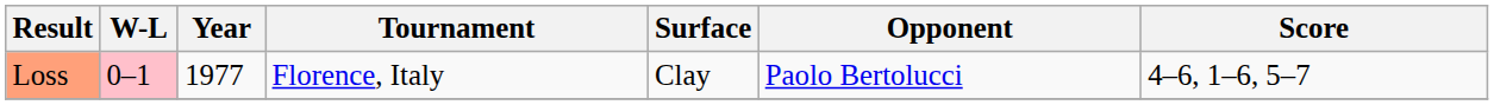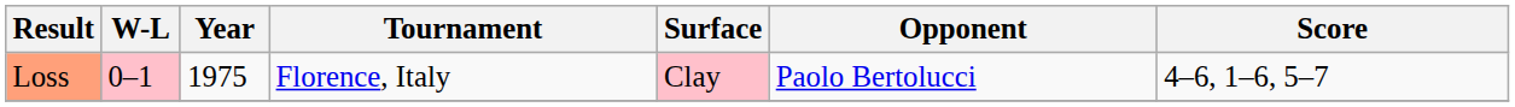 <table class="sortable wikitable">
 <tr>
 <th style="width:40px">Result</th>
 <th style="width:35px" class="unsortable">W-L</th>
 <th style="width:40px">Year</th>
 <th style="width:200px">Tournament</th>
 <th style="width:50px">Surface</th>
 <th style="width:200px">Opponent</th>
 <th style="width:180px" class="unsortable">Score</th>
 </tr>
 <tr>
 <td style="background:#ffa07a;">Loss</td>
 <td style="background: pink;">0–1</td>
-<td>1977</td>
+<td>1975</td>
 <td><a href='#'>Florence</a>, Italy</td>
-<td>Clay</td>
+<td style="background: pink;">Clay</td>
 <td> <a href='#'>Paolo Bertolucci</a></td>
 <td>4–6, 1–6, 5–7</td>
 </tr>
 <tr>
 </tr>
 </table>
